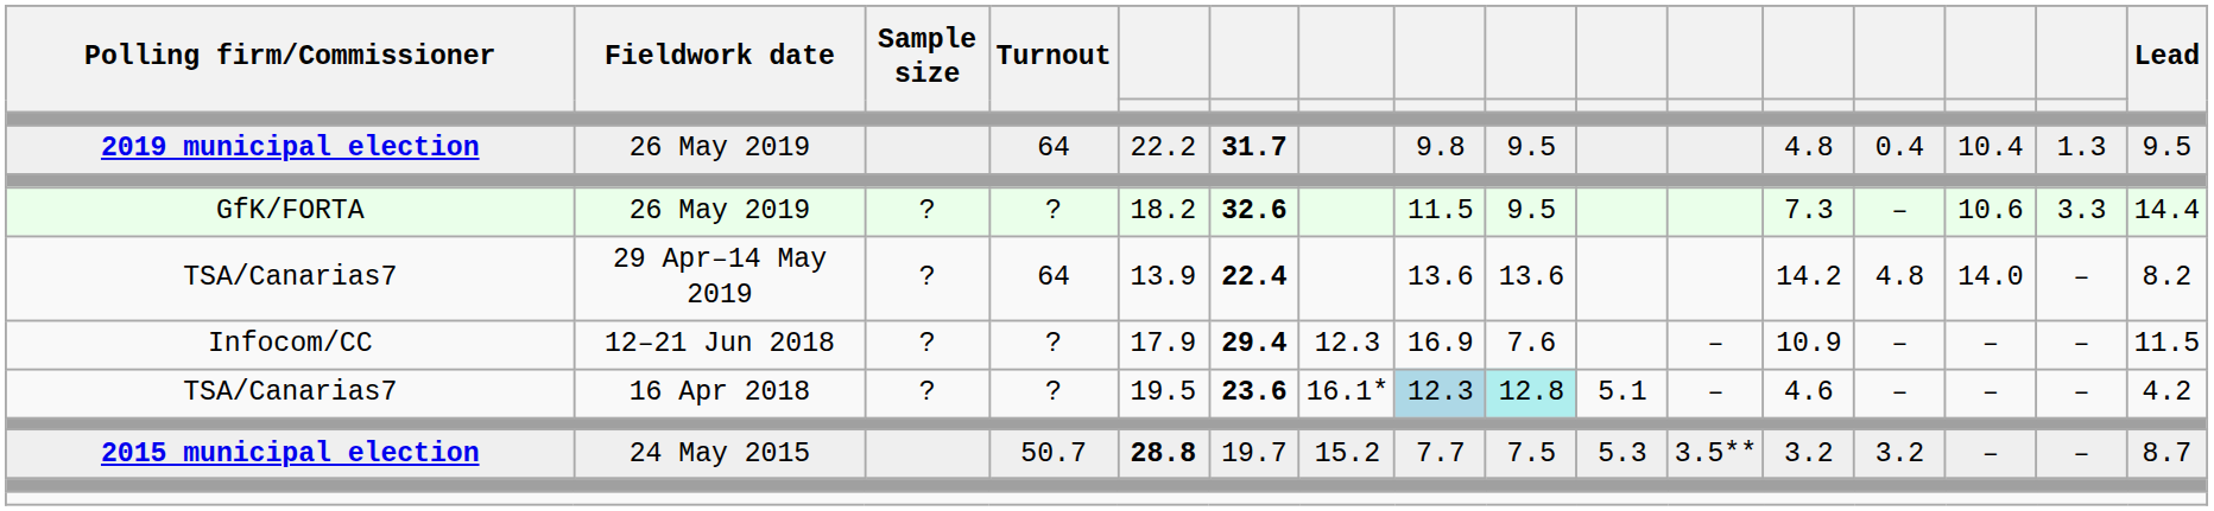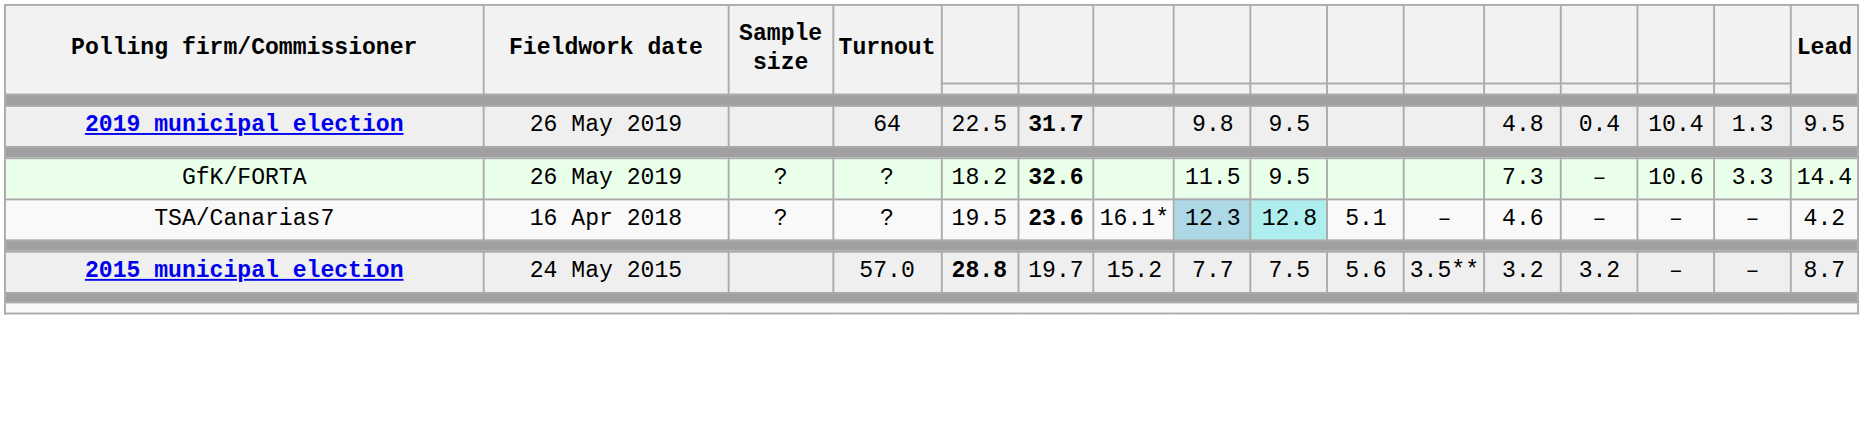 <table class="wikitable collapsible collapsed" style="text-align:center; font-size:95%; line-height:16px;">
 <tr style="height:42px;">
 <th style="width:250px;" rowspan="2">Polling firm/Commissioner</th>
 <th style="width:125px;" rowspan="2">Fieldwork date</th>
 <th style="width:50px;" rowspan="2">Sample size</th>
 <th style="width:45px;" rowspan="2">Turnout</th>
 <th style="width:35px;"></th>
 <th style="width:35px;"></th>
 <th style="width:35px;"></th>
 <th style="width:35px;"></th>
 <th style="width:35px;"></th>
 <th style="width:35px;"></th>
 <th style="width:35px;"></th>
 <th style="width:35px;"></th>
 <th style="width:35px;"></th>
 <th style="width:35px;"></th>
 <th style="width:35px;"></th>
 <th style="width:30px;" rowspan="2">Lead</th>
 </tr>
 <tr>
 <th style="color:inherit;background:"></th>
 <th style="color:inherit;background:"></th>
 <th style="color:inherit;background:"></th>
 <th style="color:inherit;background:"></th>
 <th style="color:inherit;background:"></th>
 <th style="color:inherit;background:"></th>
 <th style="color:inherit;background:"></th>
 <th style="color:inherit;background:"></th>
 <th style="color:inherit;background:"></th>
 <th style="color:inherit;background:"></th>
 <th style="color:inherit;background:"></th>
 </tr>
 <tr>
 <td colspan="16" style="background:#A0A0A0"></td>
 </tr>
 <tr style="background:#EFEFEF;">
 <td><strong><a href='#'>2019 municipal election</a></strong></td>
 <td>26 May 2019</td>
 <td></td>
 <td>64</td>
-<td>22.2<br></td>
+<td>22.5<br></td>
 <td><strong>31.7</strong><br></td>
 <td></td>
 <td>9.8<br></td>
 <td>9.5<br></td>
 <td></td>
 <td></td>
 <td>4.8<br></td>
 <td>0.4<br></td>
 <td>10.4<br></td>
 <td>1.3<br></td>
 <td style="background:">9.5</td>
 </tr>
 <tr>
 <td colspan="16" style="background:#A0A0A0"></td>
 </tr>
 <tr style="background:#EAFFEA;">
 <td>GfK/FORTA</td>
 <td>26 May 2019</td>
 <td>?</td>
 <td>?</td>
 <td>18.2<br></td>
 <td><strong>32.6</strong><br></td>
 <td></td>
 <td>11.5<br></td>
 <td>9.5<br></td>
 <td></td>
 <td></td>
 <td>7.3<br></td>
 <td>–</td>
 <td>10.6<br></td>
 <td>3.3<br></td>
 <td style="background:">14.4</td>
 </tr>
 <tr>
 <td>TSA/Canarias7</td>
-<td>29 Apr–14 May 2019</td>
-<td>?</td>
-<td>64</td>
-<td>13.9<br></td>
-<td><strong>22.4</strong><br></td>
-<td></td>
-<td>13.6<br></td>
-<td>13.6<br></td>
-<td></td>
-<td></td>
-<td>14.2<br></td>
-<td>4.8<br></td>
-<td>14.0<br></td>
-<td>–</td>
-<td style="background:">8.2</td>
-</tr>
-<tr>
-<td>Infocom/CC</td>
-<td>12–21 Jun 2018</td>
-<td>?</td>
-<td>?</td>
-<td>17.9<br></td>
-<td><strong>29.4</strong><br></td>
-<td>12.3<br></td>
-<td>16.9<br></td>
-<td>7.6<br></td>
-<td></td>
-<td>–</td>
-<td>10.9<br></td>
-<td>–</td>
-<td>–</td>
-<td>–</td>
-<td style="background:">11.5</td>
-</tr>
-<tr>
-<td>TSA/Canarias7</td>
 <td>16 Apr 2018</td>
 <td>?</td>
 <td>?</td>
 <td>19.5<br></td>
 <td><strong>23.6</strong><br></td>
 <td>16.1*<br></td>
 <td style="background: lightblue;">12.3<br></td>
 <td style="background: paleturquoise;">12.8<br></td>
 <td>5.1<br></td>
 <td>–</td>
 <td>4.6<br></td>
 <td>–</td>
 <td>–</td>
 <td>–</td>
 <td style="background:">4.2</td>
 </tr>
 <tr>
 <td colspan="16" style="background:#A0A0A0"></td>
 </tr>
 <tr style="background:#EFEFEF;">
 <td><strong><a href='#'>2015 municipal election</a></strong></td>
 <td>24 May 2015</td>
 <td></td>
-<td>50.7</td>
+<td>57.0</td>
 <td><strong>28.8</strong><br></td>
 <td>19.7<br></td>
 <td>15.2<br></td>
 <td>7.7<br></td>
 <td>7.5<br></td>
-<td>5.3<br></td>
+<td>5.6<br></td>
 <td>3.5**<br></td>
 <td>3.2<br></td>
 <td>3.2<br></td>
 <td>–</td>
 <td>–</td>
 <td style="background:">8.7</td>
 </tr>
 <tr>
 <td colspan="16" style="background:#A0A0A0"></td>
 </tr>
 <tr>
 <td align="left" colspan="16"></td>
 </tr>
 </table>
